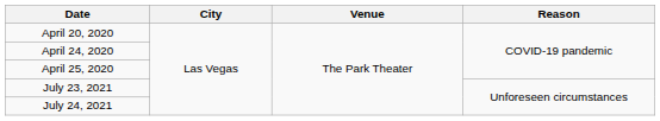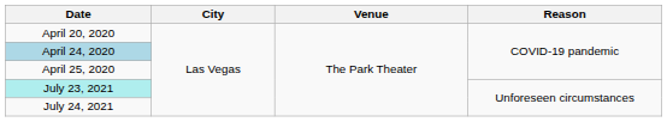 <table class="wikitable" style="text-align:center;">
 <tr>
 <th scope="col" style="width:12em;">Date</th>
 <th scope="col" style="width:10em;">City</th>
 <th scope="col" style="width:16em;">Venue</th>
 <th scope="col" style="width:16em;">Reason</th>
 </tr>
 <tr>
 <td>April 20, 2020</td>
 <td rowspan="5">Las Vegas</td>
 <td rowspan="5">The Park Theater</td>
 <td rowspan="3">COVID-19 pandemic</td>
 </tr>
 <tr>
-<td>April 24, 2020</td>
+<td style="background: lightblue;">April 24, 2020</td>
 </tr>
 <tr>
 <td>April 25, 2020</td>
 </tr>
 <tr>
-<td>July 23, 2021</td>
+<td style="background: paleturquoise;">July 23, 2021</td>
 <td rowspan="2">Unforeseen circumstances</td>
 </tr>
 <tr>
 <td>July 24, 2021</td>
 </tr>
 </table>
